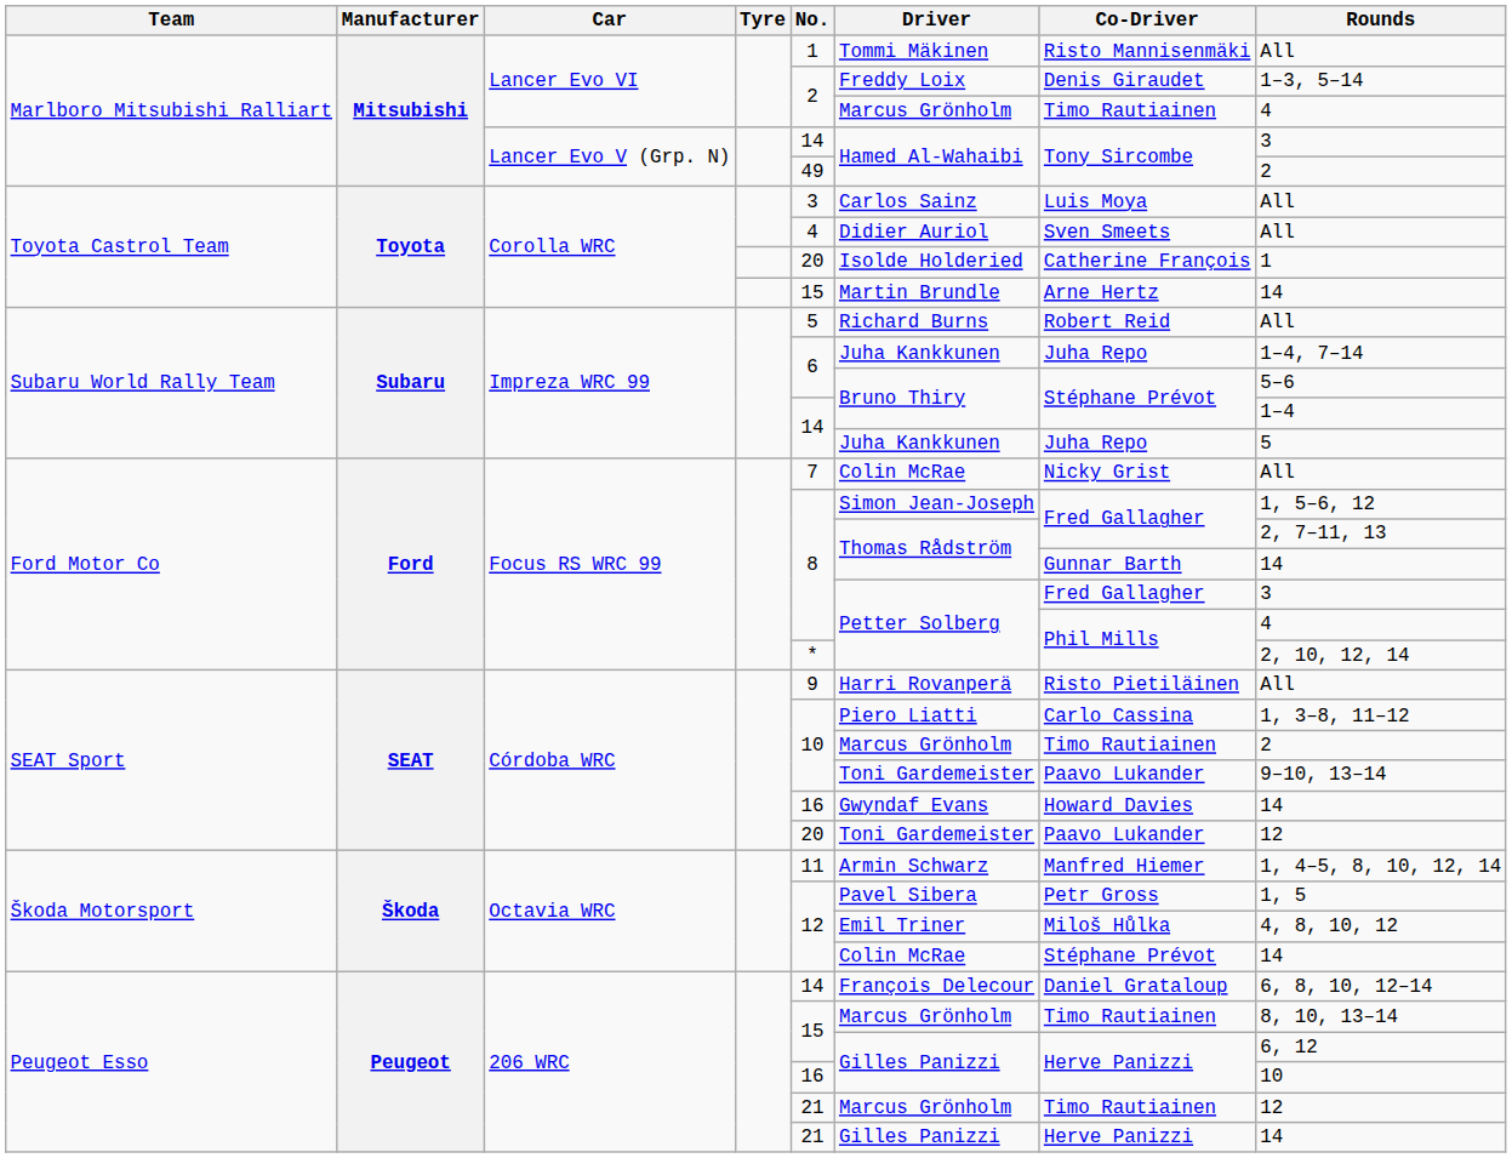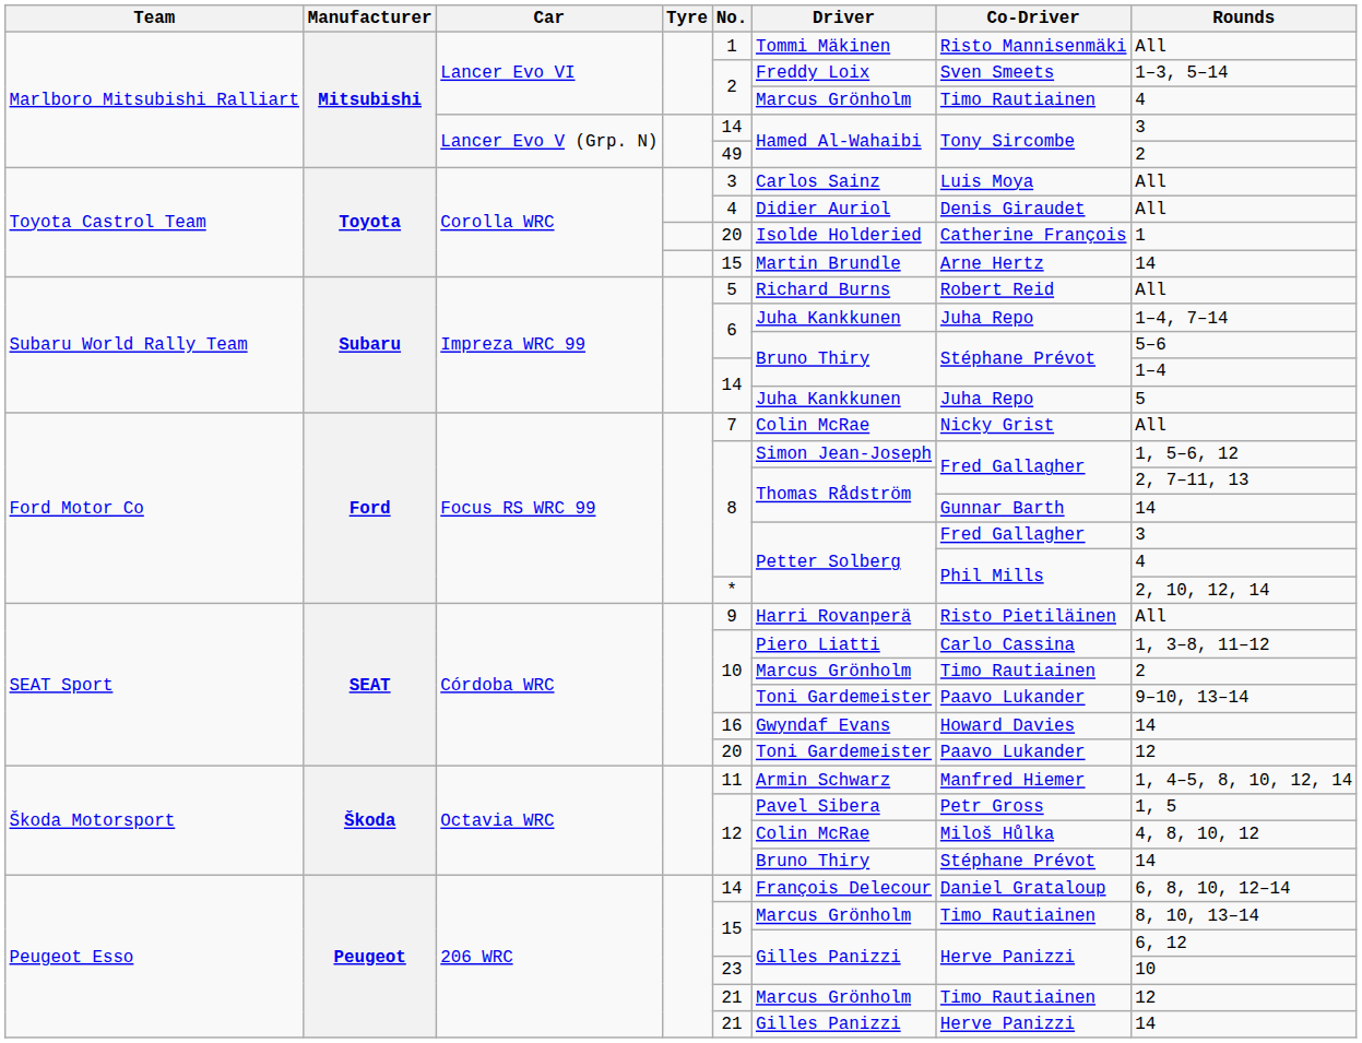 <table class="wikitable" style="font-size: 85%">
 <tr>
 <th>Team</th>
 <th>Manufacturer</th>
 <th>Car</th>
 <th>Tyre</th>
 <th>No.</th>
 <th>Driver</th>
 <th>Co-Driver</th>
 <th>Rounds</th>
 </tr>
 <tr>
 <td rowspan="5" nowrap=""> <a href='#'>Marlboro Mitsubishi Ralliart</a></td>
 <th rowspan="5"><a href='#'>Mitsubishi</a></th>
 <td rowspan="3" nowrap=""><a href='#'>Lancer Evo VI</a></td>
 <td rowspan="3" align="center"></td>
 <td align="center">1</td>
 <td> <a href='#'>Tommi Mäkinen</a></td>
 <td nowrap> <a href='#'>Risto Mannisenmäki</a></td>
 <td>All</td>
 </tr>
 <tr>
 <td rowspan="2" align="center">2</td>
 <td> <a href='#'>Freddy Loix</a></td>
-<td> <a href='#'>Denis Giraudet</a></td>
+<td> <a href='#'>Sven Smeets</a></td>
 <td>1–3, 5–14</td>
 </tr>
 <tr>
 <td> <a href='#'>Marcus Grönholm</a></td>
 <td> <a href='#'>Timo Rautiainen</a></td>
 <td>4</td>
 </tr>
 <tr>
 <td rowspan="2"><a href='#'>Lancer Evo V</a> (Grp. N)</td>
 <td rowspan="2" align="center"></td>
 <td align="center">14</td>
 <td rowspan="2"> <a href='#'>Hamed Al-Wahaibi</a></td>
 <td rowspan="2"> <a href='#'>Tony Sircombe</a></td>
 <td>3</td>
 </tr>
 <tr>
 <td align="center">49</td>
 <td>2</td>
 </tr>
 <tr>
 <td rowspan="4"> <a href='#'>Toyota Castrol Team</a></td>
 <th rowspan="4"><a href='#'>Toyota</a></th>
 <td rowspan="4"><a href='#'>Corolla WRC</a></td>
 <td rowspan="2" align="center"></td>
 <td align="center">3</td>
 <td> <a href='#'>Carlos Sainz</a></td>
 <td> <a href='#'>Luis Moya</a></td>
 <td>All</td>
 </tr>
 <tr>
 <td align="center">4</td>
 <td> <a href='#'>Didier Auriol</a></td>
-<td> <a href='#'>Sven Smeets</a></td>
+<td> <a href='#'>Denis Giraudet</a></td>
 <td>All</td>
 </tr>
 <tr>
 <td align="center"></td>
 <td align="center">20</td>
 <td> <a href='#'>Isolde Holderied</a></td>
 <td> <a href='#'>Catherine François</a></td>
 <td>1</td>
 </tr>
 <tr>
 <td align="center"></td>
 <td align="center">15</td>
 <td> <a href='#'>Martin Brundle</a></td>
 <td> <a href='#'>Arne Hertz</a></td>
 <td>14</td>
 </tr>
 <tr>
 <td rowspan="5"> <a href='#'>Subaru World Rally Team</a></td>
 <th rowspan="5"><a href='#'>Subaru</a></th>
 <td rowspan="5"><a href='#'>Impreza WRC 99</a><br></td>
 <td rowspan="5" align="center"></td>
 <td align="center">5</td>
 <td> <a href='#'>Richard Burns</a></td>
 <td> <a href='#'>Robert Reid</a></td>
 <td>All</td>
 </tr>
 <tr>
 <td rowspan="2" align="center">6</td>
 <td> <a href='#'>Juha Kankkunen</a></td>
 <td> <a href='#'>Juha Repo</a></td>
 <td>1–4, 7–14</td>
 </tr>
 <tr>
 <td rowspan="2" nowrap=""> <a href='#'>Bruno Thiry</a></td>
 <td rowspan="2"> <a href='#'>Stéphane Prévot</a></td>
 <td>5–6</td>
 </tr>
 <tr>
 <td rowspan="2" align="center">14</td>
 <td>1–4</td>
 </tr>
 <tr>
 <td> <a href='#'>Juha Kankkunen</a></td>
 <td> <a href='#'>Juha Repo</a></td>
 <td>5</td>
 </tr>
 <tr>
 <td rowspan="7"> <a href='#'>Ford Motor Co</a></td>
 <th rowspan="7"><a href='#'>Ford</a></th>
 <td rowspan="7"><a href='#'>Focus RS WRC 99</a></td>
 <td rowspan="7" align="center"></td>
 <td align="center">7</td>
 <td> <a href='#'>Colin McRae</a></td>
 <td> <a href='#'>Nicky Grist</a></td>
 <td>All</td>
 </tr>
 <tr>
 <td rowspan="5" align="center">8</td>
 <td> <a href='#'>Simon Jean-Joseph</a></td>
 <td rowspan="2"> <a href='#'>Fred Gallagher</a></td>
 <td>1, 5–6, 12</td>
 </tr>
 <tr>
 <td rowspan="2"> <a href='#'>Thomas Rådström</a></td>
 <td>2, 7–11, 13</td>
 </tr>
 <tr>
 <td> <a href='#'>Gunnar Barth</a></td>
 <td>14</td>
 </tr>
 <tr>
 <td rowspan="3"> <a href='#'>Petter Solberg</a></td>
 <td> <a href='#'>Fred Gallagher</a></td>
 <td>3</td>
 </tr>
 <tr>
 <td rowspan="2"> <a href='#'>Phil Mills</a></td>
 <td>4</td>
 </tr>
 <tr>
 <td align="center">*</td>
 <td>2, 10, 12, 14</td>
 </tr>
 <tr>
 <td rowspan="6"> <a href='#'>SEAT Sport</a></td>
 <th rowspan="6"><a href='#'>SEAT</a></th>
 <td rowspan="6"><a href='#'>Córdoba WRC</a></td>
 <td rowspan="6" align="center"></td>
 <td align="center">9</td>
 <td> <a href='#'>Harri Rovanperä</a></td>
 <td> <a href='#'>Risto Pietiläinen</a></td>
 <td>All</td>
 </tr>
 <tr>
 <td rowspan="3" align="center">10</td>
 <td> <a href='#'>Piero Liatti</a></td>
 <td> <a href='#'>Carlo Cassina</a></td>
 <td>1, 3–8, 11–12</td>
 </tr>
 <tr>
 <td> <a href='#'>Marcus Grönholm</a></td>
 <td> <a href='#'>Timo Rautiainen</a></td>
 <td>2</td>
 </tr>
 <tr>
 <td> <a href='#'>Toni Gardemeister</a></td>
 <td> <a href='#'>Paavo Lukander</a></td>
 <td>9–10, 13–14</td>
 </tr>
 <tr>
 <td align="center">16</td>
 <td> <a href='#'>Gwyndaf Evans</a></td>
 <td> <a href='#'>Howard Davies</a></td>
 <td>14</td>
 </tr>
 <tr>
 <td align="center">20</td>
 <td> <a href='#'>Toni Gardemeister</a></td>
 <td> <a href='#'>Paavo Lukander</a></td>
 <td>12</td>
 </tr>
 <tr>
 <td rowspan="4"> <a href='#'>Škoda Motorsport</a></td>
 <th rowspan="4"><a href='#'>Škoda</a></th>
 <td rowspan="4"><a href='#'>Octavia WRC</a></td>
 <td rowspan="4" align="center"></td>
 <td align="center">11</td>
 <td> <a href='#'>Armin Schwarz</a></td>
 <td> <a href='#'>Manfred Hiemer</a></td>
 <td>1, 4–5, 8, 10, 12, 14</td>
 </tr>
 <tr>
 <td rowspan="3" align="center">12</td>
 <td> <a href='#'>Pavel Sibera</a></td>
 <td> <a href='#'>Petr Gross</a></td>
 <td>1, 5</td>
 </tr>
 <tr>
-<td> <a href='#'>Emil Triner</a></td>
+<td> <a href='#'>Colin McRae</a></td>
 <td> <a href='#'>Miloš Hůlka</a></td>
 <td>4, 8, 10, 12</td>
 </tr>
 <tr>
-<td> <a href='#'>Colin McRae</a></td>
+<td> <a href='#'>Bruno Thiry</a></td>
 <td> <a href='#'>Stéphane Prévot</a></td>
 <td>14</td>
 </tr>
 <tr>
 <td rowspan="6"> <a href='#'>Peugeot Esso</a></td>
 <th rowspan="6"><a href='#'>Peugeot</a></th>
 <td rowspan="6"><a href='#'>206 WRC</a></td>
 <td rowspan="6" align="center"></td>
 <td align="center">14</td>
 <td> <a href='#'>François Delecour</a></td>
 <td> <a href='#'>Daniel Grataloup</a></td>
 <td>6, 8, 10, 12–14</td>
 </tr>
 <tr>
 <td rowspan="2" align="center">15</td>
 <td> <a href='#'>Marcus Grönholm</a></td>
 <td> <a href='#'>Timo Rautiainen</a></td>
 <td>8, 10, 13–14</td>
 </tr>
 <tr>
 <td rowspan="2"> <a href='#'>Gilles Panizzi</a></td>
 <td rowspan="2"> <a href='#'>Herve Panizzi</a></td>
 <td>6, 12</td>
 </tr>
 <tr>
-<td align="center">16</td>
+<td align="center">23</td>
 <td>10</td>
 </tr>
 <tr>
 <td align="center">21</td>
 <td> <a href='#'>Marcus Grönholm</a></td>
 <td> <a href='#'>Timo Rautiainen</a></td>
 <td>12</td>
 </tr>
 <tr>
 <td align="center">21</td>
 <td> <a href='#'>Gilles Panizzi</a></td>
 <td> <a href='#'>Herve Panizzi</a></td>
 <td>14</td>
 </tr>
 </table>
